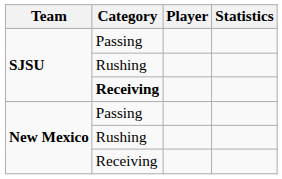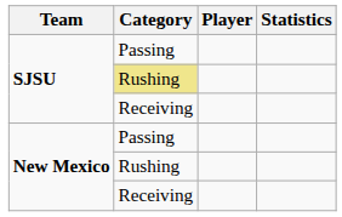 <table class="wikitable" style="float: right;">
 <tr>
 <th>Team</th>
 <th>Category</th>
 <th>Player</th>
 <th>Statistics</th>
 </tr>
 <tr>
 <td rowspan=3><strong>SJSU</strong></td>
 <td>Passing</td>
 <td></td>
 <td></td>
 </tr>
 <tr>
-<td>Rushing</td>
+<td style="background: khaki;">Rushing</td>
 <td></td>
 <td></td>
 </tr>
 <tr>
-<td><strong>Receiving</strong></td>
+<td>Receiving</td>
 <td></td>
 <td></td>
 </tr>
 <tr>
 <td rowspan=3><strong>New Mexico</strong></td>
 <td>Passing</td>
 <td></td>
 <td></td>
 </tr>
 <tr>
 <td>Rushing</td>
 <td></td>
 <td></td>
 </tr>
 <tr>
 <td>Receiving</td>
 <td></td>
 <td></td>
 </tr>
 </table>
